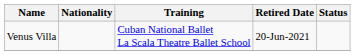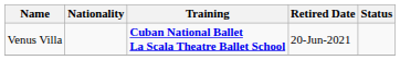 <table class="wikitable">
 <tr>
 <th>Name</th>
 <th>Nationality</th>
 <th>Training</th>
 <th>Retired Date</th>
 <th>Status</th>
 </tr>
 <tr>
 <td>Venus Villa</td>
 <td></td>
-<td><a href='#'>Cuban National Ballet</a><br><a href='#'>La Scala Theatre Ballet School</a></td>
+<td><strong><a href='#'>Cuban National Ballet</a><br><a href='#'>La Scala Theatre Ballet School</a></strong></td>
 <td>20-Jun-2021</td>
 <td></td>
 </tr>
 <tr>
 </tr>
 </table>
